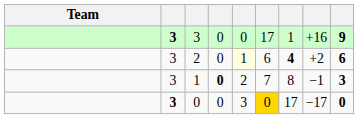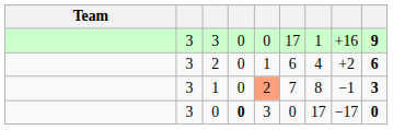 <table class="wikitable" style="text-align: center;">
 <tr>
 <th width="175">Team</th>
 <th width="20"></th>
 <th width="20"></th>
 <th width="20"></th>
 <th width="20"></th>
 <th width="20"></th>
 <th width="20"></th>
 <th width="20"></th>
 <th width="20"></th>
 </tr>
 <tr bgcolor=ccffcc>
 <td align=left></td>
-<td><strong>3</strong></td>
+<td>3</td>
 <td>3</td>
 <td>0</td>
 <td>0</td>
 <td>17</td>
 <td>1</td>
 <td>+16</td>
 <td><strong>9</strong></td>
 </tr>
 <tr>
 <td align=left></td>
 <td>3</td>
 <td>2</td>
 <td>0</td>
-<td style="background: lightyellow;">1</td>
+<td>1</td>
 <td>6</td>
-<td><strong>4</strong></td>
+<td>4</td>
 <td>+2</td>
 <td><strong>6</strong></td>
 </tr>
 <tr>
 <td align=left></td>
 <td>3</td>
 <td>1</td>
-<td><strong>0</strong></td>
-<td>2</td>
+<td>0</td>
+<td style="background: lightsalmon;">2</td>
 <td>7</td>
 <td>8</td>
 <td>−1</td>
 <td><strong>3</strong></td>
 </tr>
 <tr>
 <td align=left><em></em></td>
-<td><strong>3</strong></td>
+<td>3</td>
 <td>0</td>
+<td><strong>0</strong></td>
+<td>3</td>
 <td>0</td>
-<td>3</td>
-<td style="background: gold;">0</td>
 <td>17</td>
 <td>−17</td>
 <td><strong>0</strong></td>
 </tr>
 </table>
